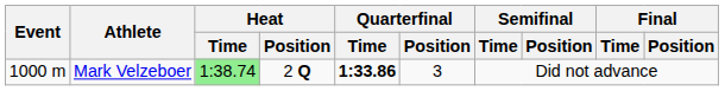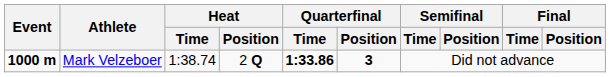 <table class="wikitable" border="1" style="font-size:90%">
 <tr>
 <th rowspan=2>Event</th>
 <th rowspan=2>Athlete</th>
 <th colspan=2>Heat</th>
 <th colspan=2>Quarterfinal</th>
 <th colspan=2>Semifinal</th>
 <th colspan=2>Final</th>
 </tr>
 <tr>
 <th>Time</th>
 <th>Position</th>
 <th>Time</th>
 <th>Position</th>
 <th>Time</th>
 <th>Position</th>
 <th>Time</th>
 <th>Position</th>
 </tr>
 <tr>
-<td>1000 m</td>
+<td><strong>1000 m</strong></td>
 <td><a href='#'>Mark Velzeboer</a></td>
-<td align=center style="background: lightgreen;">1:38.74</td>
+<td align=center>1:38.74</td>
 <td align=center>2 <strong>Q</strong></td>
 <td align=center><strong>1:33.86</strong></td>
-<td align=center>3</td>
+<td align=center><strong>3</strong></td>
 <td colspan="4" align=center>Did not advance</td>
 </tr>
 </table>
